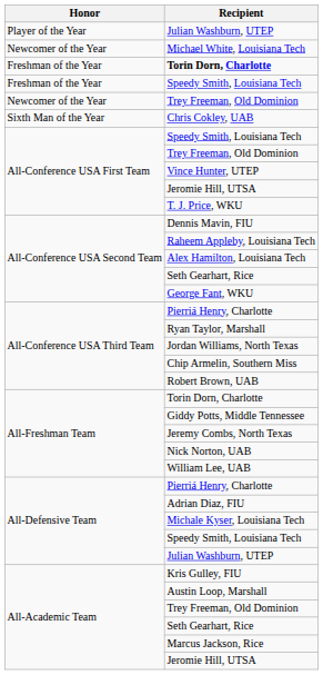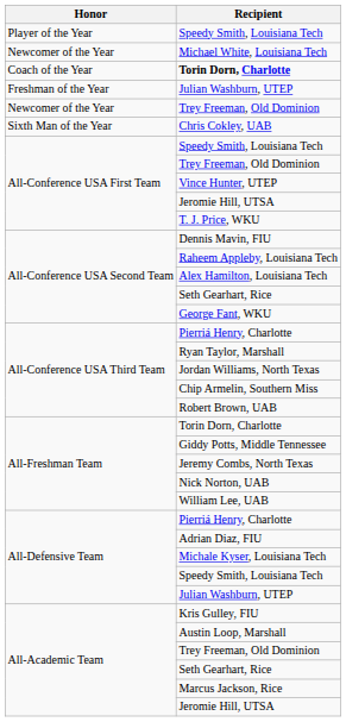 <table class="wikitable" border="1">
 <tr>
 <th>Honor</th>
 <th>Recipient</th>
 </tr>
 <tr>
 <td>Player of the Year</td>
-<td><a href='#'>Julian Washburn</a>, <a href='#'>UTEP</a></td>
+<td><a href='#'>Speedy Smith</a>, <a href='#'>Louisiana Tech</a></td>
 </tr>
 <tr>
 <td>Newcomer of the Year</td>
 <td><a href='#'>Michael White</a>, <a href='#'>Louisiana Tech</a></td>
 </tr>
 <tr>
-<td>Freshman of the Year</td>
+<td>Coach of the Year</td>
 <td><strong>Torin Dorn, <a href='#'>Charlotte</a></strong></td>
 </tr>
 <tr>
 <td>Freshman of the Year</td>
-<td><a href='#'>Speedy Smith</a>, <a href='#'>Louisiana Tech</a></td>
+<td><a href='#'>Julian Washburn</a>, <a href='#'>UTEP</a></td>
 </tr>
 <tr>
 <td>Newcomer of the Year</td>
 <td><a href='#'>Trey Freeman</a>, <a href='#'>Old Dominion</a></td>
 </tr>
 <tr>
 <td>Sixth Man of the Year</td>
 <td><a href='#'>Chris Cokley</a>, <a href='#'>UAB</a></td>
 </tr>
 <tr>
 <td rowspan=5 valign=middle>All-Conference USA First Team</td>
 <td><a href='#'>Speedy Smith</a>, Louisiana Tech</td>
 </tr>
 <tr>
 <td><a href='#'>Trey Freeman</a>, Old Dominion</td>
 </tr>
 <tr>
 <td><a href='#'>Vince Hunter</a>, UTEP</td>
 </tr>
 <tr>
 <td>Jeromie Hill, UTSA</td>
 </tr>
 <tr>
 <td><a href='#'>T. J. Price</a>, WKU</td>
 </tr>
 <tr>
 <td rowspan=5 valign=middle>All-Conference USA Second Team</td>
 <td>Dennis Mavin, FIU</td>
 </tr>
 <tr>
 <td><a href='#'>Raheem Appleby</a>, Louisiana Tech</td>
 </tr>
 <tr>
 <td><a href='#'>Alex Hamilton</a>, Louisiana Tech</td>
 </tr>
 <tr>
 <td>Seth Gearhart, Rice</td>
 </tr>
 <tr>
 <td><a href='#'>George Fant</a>, WKU</td>
 </tr>
 <tr>
 <td rowspan=5 valign=middle>All-Conference USA Third Team</td>
 <td><a href='#'>Pierriá Henry</a>, Charlotte</td>
 </tr>
 <tr>
 <td>Ryan Taylor, Marshall</td>
 </tr>
 <tr>
 <td>Jordan Williams, North Texas</td>
 </tr>
 <tr>
 <td>Chip Armelin, Southern Miss</td>
 </tr>
 <tr>
 <td>Robert Brown, UAB</td>
 </tr>
 <tr>
 <td rowspan=5 valign=middle>All-Freshman Team</td>
 <td>Torin Dorn, Charlotte</td>
 </tr>
 <tr>
 <td>Giddy Potts, Middle Tennessee</td>
 </tr>
 <tr>
 <td>Jeremy Combs, North Texas</td>
 </tr>
 <tr>
 <td>Nick Norton, UAB</td>
 </tr>
 <tr>
 <td>William Lee, UAB</td>
 </tr>
 <tr>
 <td rowspan=5 valign=middle>All-Defensive Team</td>
 <td><a href='#'>Pierriá Henry</a>, Charlotte</td>
 </tr>
 <tr>
 <td>Adrian Diaz, FIU</td>
 </tr>
 <tr>
 <td><a href='#'>Michale Kyser</a>, Louisiana Tech</td>
 </tr>
 <tr>
 <td>Speedy Smith, Louisiana Tech</td>
 </tr>
 <tr>
 <td><a href='#'>Julian Washburn</a>, UTEP</td>
 </tr>
 <tr>
 <td rowspan=6 valign=middle>All-Academic Team</td>
 <td>Kris Gulley, FIU</td>
 </tr>
 <tr>
 <td>Austin Loop, Marshall</td>
 </tr>
 <tr>
 <td>Trey Freeman, Old Dominion</td>
 </tr>
 <tr>
 <td>Seth Gearhart, Rice</td>
 </tr>
 <tr>
 <td>Marcus Jackson, Rice</td>
 </tr>
 <tr>
 <td>Jeromie Hill, UTSA</td>
 </tr>
 </table>
